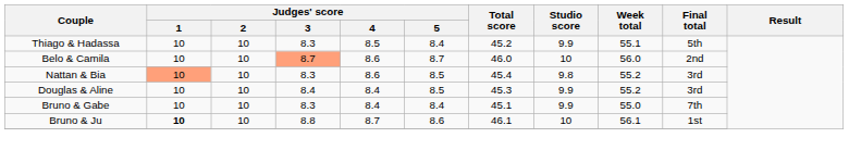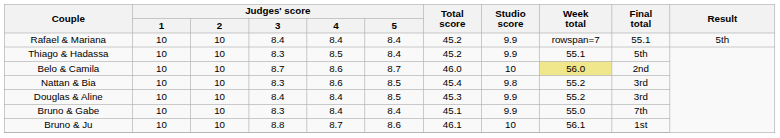 <table class="wikitable" style="font-size:100%; line-height:16px; text-align:center" width="100%">
 <tr>
 <th rowspan=2 width="11.00%">Couple</th>
 <th colspan=5 width="25.00%">Judges' score</th>
 <th rowspan=2 width="05.00%">Total<br>score</th>
 <th rowspan=2 width="05.00%">Studio<br>score</th>
 <th rowspan=2 width="05.00%">Week<br>total</th>
 <th rowspan=2 width="05.00%">Final<br>total</th>
 <th rowspan=2 width="09.00%">Result</th>
 </tr>
 <tr>
 <th width="05.00%">1</th>
 <th width="05.00%">2</th>
 <th width="05.00%">3</th>
 <th width="05.00%">4</th>
 <th width="05.00%">5</th>
 </tr>
 <tr>
+<td>Rafael & Mariana</td>
+<td>10</td>
+<td>10</td>
+<td>8.4</td>
+<td>8.4</td>
+<td>8.4</td>
+<td>45.2</td>
+<td>9.9</td>
+<td>rowspan=7 </td>
+<td>55.1</td>
+<td>5th</td>
+</tr>
+<tr>
 <td>Thiago & Hadassa</td>
 <td>10</td>
 <td>10</td>
 <td>8.3</td>
 <td>8.5</td>
 <td>8.4</td>
 <td>45.2</td>
 <td>9.9</td>
 <td>55.1</td>
 <td>5th</td>
 </tr>
 <tr>
 <td>Belo & Camila</td>
 <td>10</td>
 <td>10</td>
-<td style="background: lightsalmon;">8.7</td>
+<td>8.7</td>
 <td>8.6</td>
 <td>8.7</td>
 <td>46.0</td>
 <td>10</td>
-<td>56.0</td>
+<td style="background: khaki;">56.0</td>
 <td>2nd</td>
 </tr>
 <tr>
 <td>Nattan & Bia</td>
-<td style="background: lightsalmon;">10</td>
+<td>10</td>
 <td>10</td>
 <td>8.3</td>
 <td>8.6</td>
 <td>8.5</td>
 <td>45.4</td>
 <td>9.8</td>
 <td>55.2</td>
 <td>3rd</td>
 </tr>
 <tr>
 <td>Douglas & Aline</td>
 <td>10</td>
 <td>10</td>
 <td>8.4</td>
 <td>8.4</td>
 <td>8.5</td>
 <td>45.3</td>
 <td>9.9</td>
 <td>55.2</td>
 <td>3rd</td>
 </tr>
 <tr>
 <td>Bruno & Gabe</td>
 <td>10</td>
 <td>10</td>
 <td>8.3</td>
 <td>8.4</td>
 <td>8.4</td>
 <td>45.1</td>
 <td>9.9</td>
 <td>55.0</td>
 <td>7th</td>
 </tr>
 <tr>
 <td>Bruno & Ju</td>
-<td><strong>10</strong></td>
+<td>10</td>
 <td>10</td>
 <td>8.8</td>
 <td>8.7</td>
 <td>8.6</td>
 <td>46.1</td>
 <td>10</td>
 <td>56.1</td>
 <td>1st</td>
 </tr>
 <tr>
 </tr>
 </table>
